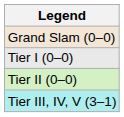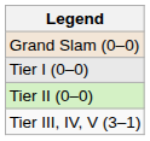 <table class=wikitable style="font-size:90%">
 <tr>
 <th>Legend</th>
 </tr>
 <tr>
 <td style="background:#f3e6d7;">Grand Slam (0–0)</td>
 </tr>
 <tr>
 <td style="background:#e9e9e9;">Tier I (0–0)</td>
 </tr>
 <tr>
 <td style="background:#d4f1c5;">Tier II (0–0)</td>
 </tr>
 <tr>
-<td style="background: paleturquoise;">Tier III, IV, V (3–1)</td>
+<td>Tier III, IV, V (3–1)</td>
 </tr>
 </table>
